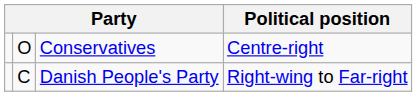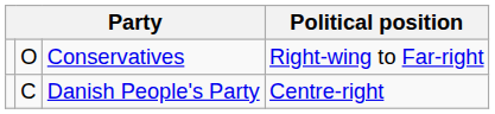 <table class="wikitable">
 <tr>
 <th colspan="3">Party</th>
 <th>Political position</th>
 </tr>
 <tr>
 <td></td>
 <td>O</td>
 <td><a href='#'>Conservatives</a></td>
-<td><a href='#'>Centre-right</a></td>
+<td><a href='#'>Right-wing</a> to  <a href='#'>Far-right</a></td>
 </tr>
 <tr>
 <td></td>
 <td>C</td>
 <td><a href='#'>Danish People's Party</a></td>
-<td><a href='#'>Right-wing</a> to  <a href='#'>Far-right</a></td>
+<td><a href='#'>Centre-right</a></td>
 </tr>
 </table>
